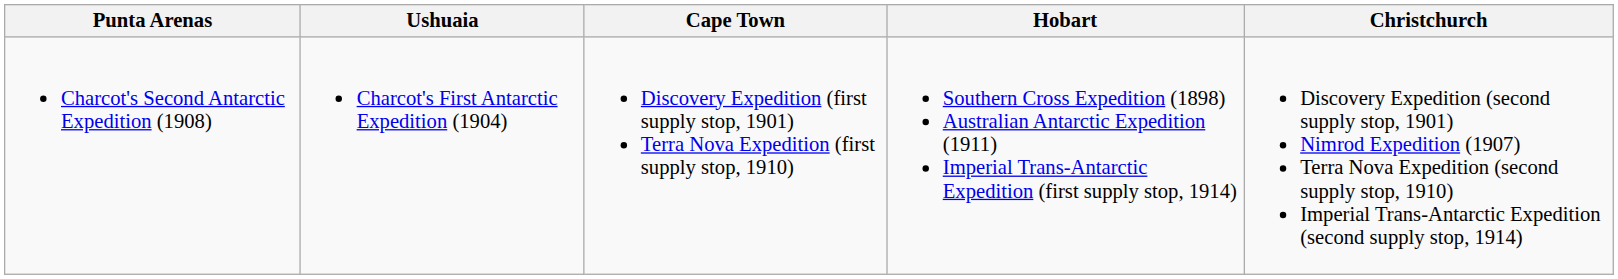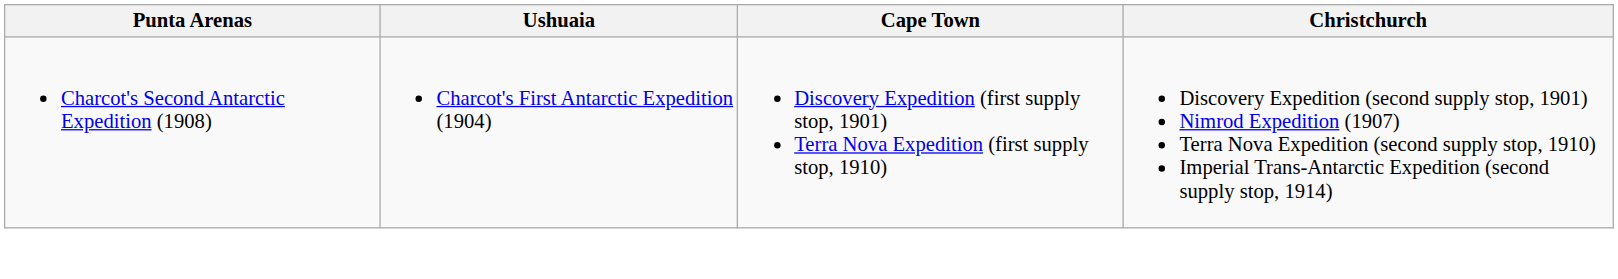 <table class="wikitable"| style="vertical-align:top; horizontal-align:left">
 <tr>
 <th>Punta Arenas</th>
 <th>Ushuaia</th>
 <th>Cape Town</th>
-<th>Hobart</th>
 <th>Christchurch</th>
 </tr>
 <tr>
 <td style="vertical-align:top; horizontal-align:left"><br><ul><li><a href='#'>Charcot's Second Antarctic Expedition</a> (1908)</li></ul></td>
 <td style="vertical-align:top; horizontal-align:left"><br><ul><li><a href='#'>Charcot's First Antarctic Expedition</a> (1904)</li></ul></td>
 <td style="vertical-align:top; horizontal-align:left"><br><ul><li><a href='#'>Discovery Expedition</a> (first supply stop, 1901)</li><li><a href='#'>Terra Nova Expedition</a> (first supply stop, 1910)</li></ul></td>
-<td style="vertical-align:top; horizontal-align:left"><br><ul><li><a href='#'>Southern Cross Expedition</a> (1898)</li><li><a href='#'>Australian Antarctic Expedition</a> (1911)</li><li><a href='#'>Imperial Trans-Antarctic Expedition</a> (first supply stop, 1914)</li></ul></td>
 <td style="vertical-align:top; horizontal-align:left"><br><ul><li>Discovery Expedition (second supply stop, 1901)</li><li><a href='#'>Nimrod Expedition</a> (1907)</li><li>Terra Nova Expedition (second supply stop, 1910)</li><li>Imperial Trans-Antarctic Expedition (second supply stop, 1914)</li></ul></td>
 </tr>
 </table>
